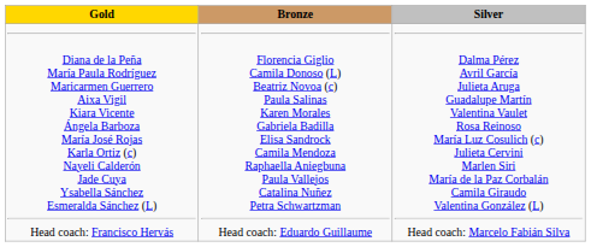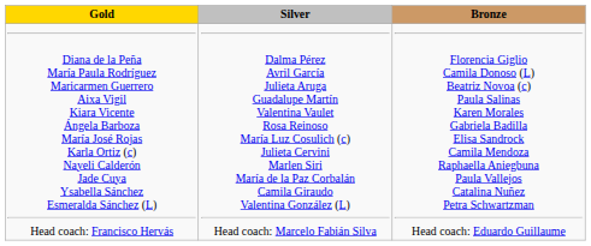 <table class="wikitable" style="text-align:center;">
 <tr>
 <td style="width: 16em;background: gold"><strong>Gold</strong></td>
+<td style="width: 16em;background: silver"><strong>Silver</strong></td>
 <td style="width: 16em;background: #CC9966"><strong>Bronze</strong></td>
-<td style="width: 16em;background: silver"><strong>Silver</strong></td>
 </tr>
 <tr>
 <td align=top><strong></strong><hr><br><a href='#'>Diana de la Peña</a><br><a href='#'>María Paula Rodríguez</a><br><a href='#'>Maricarmen Guerrero</a><br><a href='#'>Aixa Vigil</a><br><a href='#'>Kiara Vicente</a><br><a href='#'>Ángela Barboza</a><br><a href='#'>María José Rojas</a><br><a href='#'>Karla Ortiz</a> (<a href='#'>c</a>)<br><a href='#'>Nayeli Calderón</a><br><a href='#'>Jade Cuya</a><br><a href='#'>Ysabella Sánchez</a><br><a href='#'>Esmeralda Sánchez</a> (<a href='#'>L</a>)<br><hr>Head coach: <a href='#'>Francisco Hervás</a></td>
+<td align=top><strong></strong><hr><br><a href='#'>Dalma Pérez</a><br><a href='#'>Avril García</a><br><a href='#'>Julieta Aruga</a><br><a href='#'>Guadalupe Martín</a><br><a href='#'>Valentina Vaulet</a><br><a href='#'>Rosa Reinoso</a><br><a href='#'>María Luz Cosulich</a> (<a href='#'>c</a>)<br><a href='#'>Julieta Cervini</a><br><a href='#'>Marlen Siri</a><br><a href='#'>María de la Paz Corbalán</a><br><a href='#'>Camila Giraudo</a><br><a href='#'>Valentina González</a> (<a href='#'>L</a>)<br><hr>Head coach: <a href='#'>Marcelo Fabián Silva</a></td>
 <td align=top><strong></strong><hr><br><a href='#'>Florencia Giglio</a><br><a href='#'>Camila Donoso</a> (<a href='#'>L</a>)<br><a href='#'>Beatriz Novoa</a> (<a href='#'>c</a>)<br><a href='#'>Paula Salinas</a><br><a href='#'>Karen Morales</a><br><a href='#'>Gabriela Badilla</a><br><a href='#'>Elisa Sandrock</a><br><a href='#'>Camila Mendoza</a><br><a href='#'>Raphaella Aniegbuna</a><br><a href='#'>Paula Vallejos</a><br><a href='#'>Catalina Nuñez</a><br><a href='#'>Petra Schwartzman</a><br><hr>Head coach: <a href='#'>Eduardo Guillaume</a></td>
-<td align=top><strong></strong><hr><br><a href='#'>Dalma Pérez</a><br><a href='#'>Avril García</a><br><a href='#'>Julieta Aruga</a><br><a href='#'>Guadalupe Martín</a><br><a href='#'>Valentina Vaulet</a><br><a href='#'>Rosa Reinoso</a><br><a href='#'>María Luz Cosulich</a> (<a href='#'>c</a>)<br><a href='#'>Julieta Cervini</a><br><a href='#'>Marlen Siri</a><br><a href='#'>María de la Paz Corbalán</a><br><a href='#'>Camila Giraudo</a><br><a href='#'>Valentina González</a> (<a href='#'>L</a>)<br><hr>Head coach: <a href='#'>Marcelo Fabián Silva</a></td>
 </tr>
 </table>
